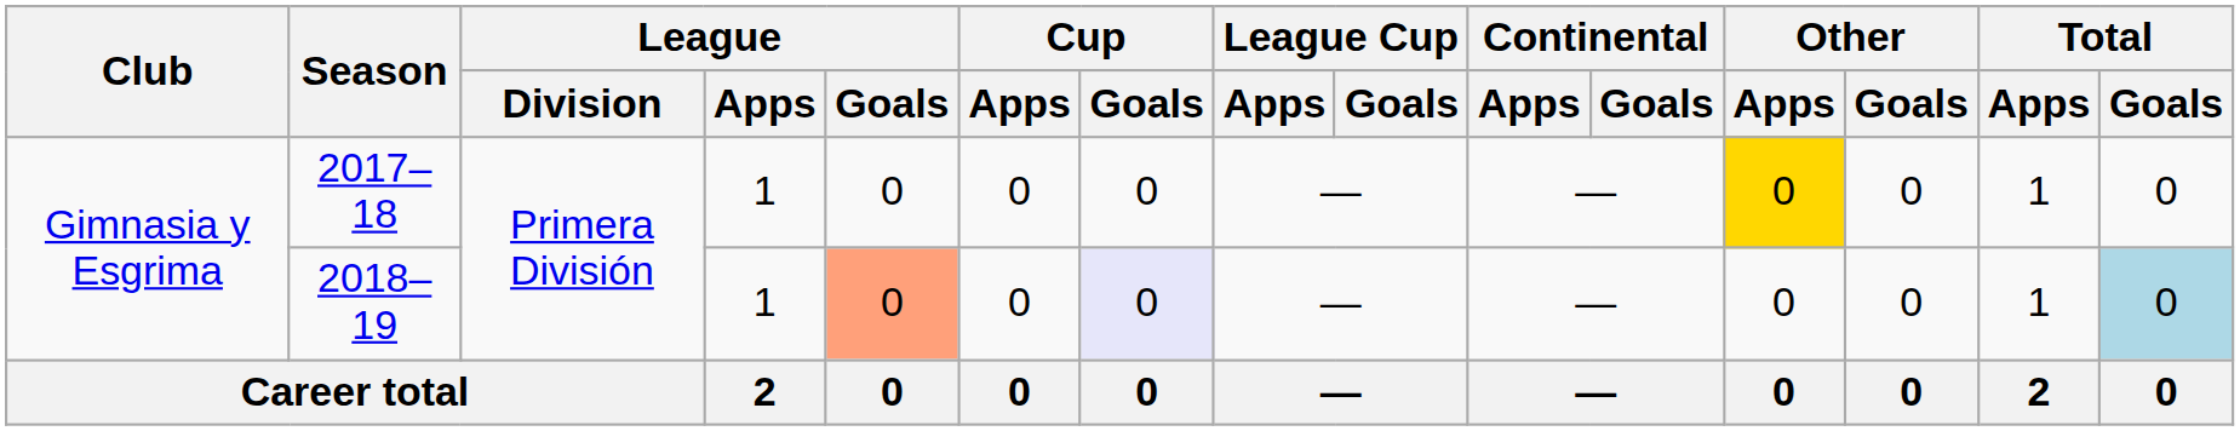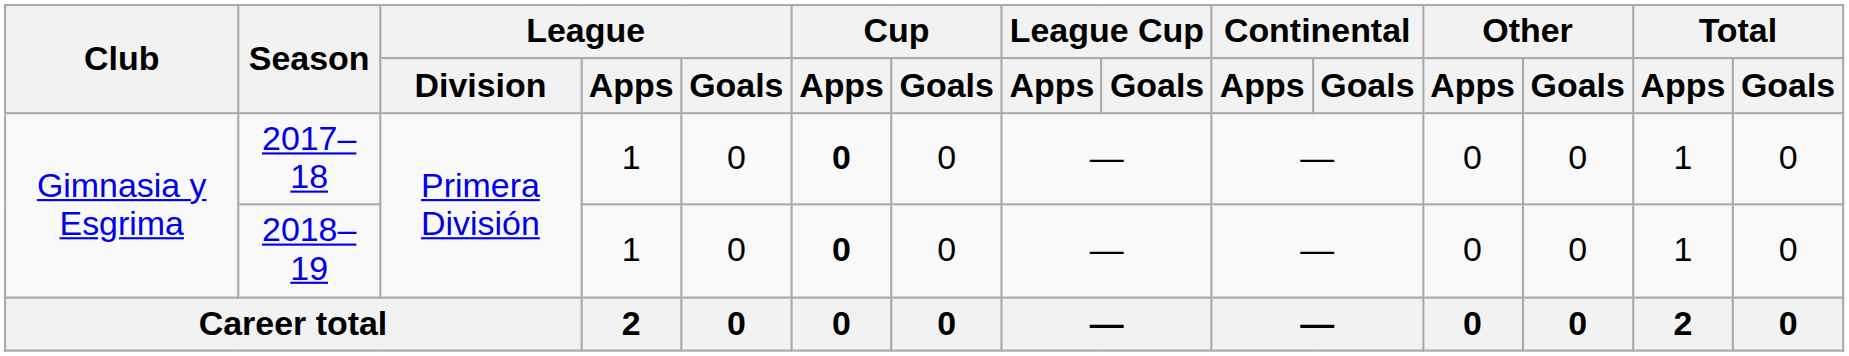 <table class="wikitable" style="text-align:center">
 <tr>
 <th rowspan="2">Club</th>
 <th rowspan="2">Season</th>
 <th colspan="3">League</th>
 <th colspan="2">Cup</th>
 <th colspan="2">League Cup</th>
 <th colspan="2">Continental</th>
 <th colspan="2">Other</th>
 <th colspan="2">Total</th>
 </tr>
 <tr>
 <th>Division</th>
 <th>Apps</th>
 <th>Goals</th>
 <th>Apps</th>
 <th>Goals</th>
 <th>Apps</th>
 <th>Goals</th>
 <th>Apps</th>
 <th>Goals</th>
 <th>Apps</th>
 <th>Goals</th>
 <th>Apps</th>
 <th>Goals</th>
 </tr>
 <tr>
 <td rowspan="2"><a href='#'>Gimnasia y Esgrima</a></td>
 <td><a href='#'>2017–18</a></td>
 <td rowspan="2"><a href='#'>Primera División</a></td>
 <td>1</td>
 <td>0</td>
-<td>0</td>
+<td><strong>0</strong></td>
 <td>0</td>
 <td colspan="2">—</td>
 <td colspan="2">—</td>
-<td style="background: gold;">0</td>
+<td>0</td>
 <td>0</td>
 <td>1</td>
 <td>0</td>
 </tr>
 <tr>
 <td><a href='#'>2018–19</a></td>
 <td>1</td>
-<td style="background: lightsalmon;">0</td>
 <td>0</td>
-<td style="background: lavender;">0</td>
+<td><strong>0</strong></td>
+<td>0</td>
 <td colspan="2">—</td>
 <td colspan="2">—</td>
 <td>0</td>
 <td>0</td>
 <td>1</td>
-<td style="background: lightblue;">0</td>
+<td>0</td>
 </tr>
 <tr>
 <th colspan="3">Career total</th>
 <th>2</th>
 <th>0</th>
 <th>0</th>
 <th>0</th>
 <th colspan="2">—</th>
 <th colspan="2">—</th>
 <th>0</th>
 <th>0</th>
 <th>2</th>
 <th>0</th>
 </tr>
 </table>
